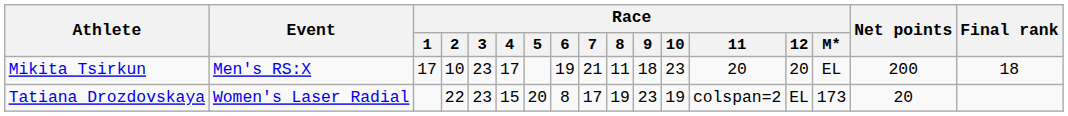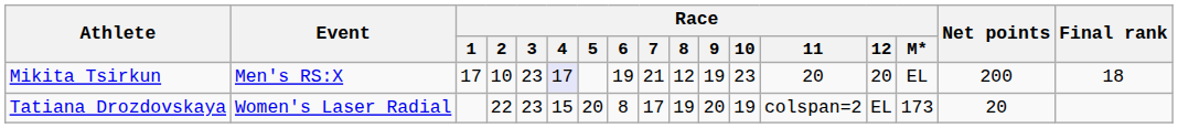 <table class="wikitable" style="font-size:90%">
 <tr>
 <th rowspan="2">Athlete</th>
 <th rowspan="2">Event</th>
 <th colspan=13>Race</th>
 <th rowspan=2>Net points</th>
 <th rowspan=2>Final rank</th>
 </tr>
 <tr style="font-size:95%">
 <th>1</th>
 <th>2</th>
 <th>3</th>
 <th>4</th>
 <th>5</th>
 <th>6</th>
 <th>7</th>
 <th>8</th>
 <th>9</th>
 <th>10</th>
 <th>11</th>
 <th>12</th>
 <th>M*</th>
 </tr>
 <tr align=center>
 <td align=left><a href='#'>Mikita Tsirkun</a></td>
 <td align=left><a href='#'>Men's RS:X</a></td>
 <td>17</td>
 <td>10</td>
 <td>23</td>
-<td>17</td>
+<td style="background: lavender;">17</td>
 <td></td>
 <td>19</td>
 <td>21</td>
-<td>11</td>
-<td>18</td>
+<td>12</td>
+<td>19</td>
 <td>23</td>
 <td>20</td>
 <td>20</td>
 <td>EL</td>
 <td>200</td>
 <td>18</td>
 </tr>
 <tr align=center>
 <td align=left><a href='#'>Tatiana Drozdovskaya</a></td>
 <td align=left><a href='#'>Women's Laser Radial</a></td>
 <td></td>
 <td>22</td>
 <td>23</td>
 <td>15</td>
 <td>20</td>
 <td>8</td>
 <td>17</td>
 <td>19</td>
-<td>23</td>
+<td>20</td>
 <td>19</td>
 <td>colspan=2 </td>
 <td>EL</td>
 <td>173</td>
 <td>20</td>
 </tr>
 </table>
